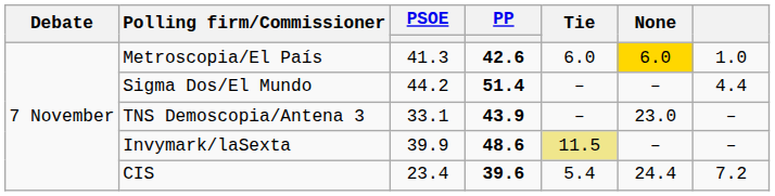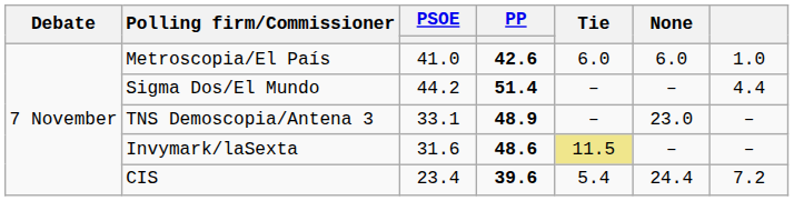 <table class="wikitable" style="font-size:90%; text-align:center;">
 <tr>
 <th rowspan="2">Debate</th>
 <th rowspan="2">Polling firm/Commissioner</th>
 <th style="width:45px;"><a href='#'>PSOE</a></th>
 <th style="width:45px;"><a href='#'>PP</a></th>
 <th style="width:45px;" rowspan="2">Tie</th>
 <th style="width:45px;" rowspan="2">None</th>
 <th style="width:45px;" rowspan="2"></th>
 </tr>
 <tr>
 <th style="color:inherit;background:"></th>
 <th style="color:inherit;background:"></th>
 </tr>
 <tr>
 <td rowspan="5" align="left">7 November</td>
 <td align="left">Metroscopia/El País</td>
-<td>41.3</td>
+<td>41.0</td>
 <td><strong>42.6</strong></td>
 <td>6.0</td>
-<td style="background: gold;">6.0</td>
+<td>6.0</td>
 <td>1.0</td>
 </tr>
 <tr>
 <td align="left">Sigma Dos/El Mundo</td>
 <td>44.2</td>
 <td><strong>51.4</strong></td>
 <td>–</td>
 <td>–</td>
 <td>4.4</td>
 </tr>
 <tr>
 <td align="left">TNS Demoscopia/Antena 3</td>
 <td>33.1</td>
-<td><strong>43.9</strong></td>
+<td><strong>48.9</strong></td>
 <td>–</td>
 <td>23.0</td>
 <td>–</td>
 </tr>
 <tr>
 <td align="left">Invymark/laSexta</td>
-<td>39.9</td>
+<td>31.6</td>
 <td><strong>48.6</strong></td>
 <td style="background: khaki;">11.5</td>
 <td>–</td>
 <td>–</td>
 </tr>
 <tr>
 <td align="left">CIS</td>
 <td>23.4</td>
 <td><strong>39.6</strong></td>
 <td>5.4</td>
 <td>24.4</td>
 <td>7.2</td>
 </tr>
 </table>
